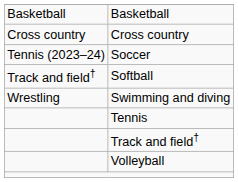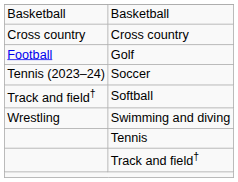 <table class="wikitable">
 <tr>
 </tr>
 <tr>
 <td>Basketball</td>
 <td>Basketball</td>
 </tr>
 <tr>
 <td>Cross country</td>
 <td>Cross country</td>
+</tr>
+<tr>
+<td><a href='#'>Football</a></td>
+<td>Golf</td>
 </tr>
 <tr>
 <td>Tennis (2023–24)</td>
 <td>Soccer</td>
 </tr>
 <tr>
 <td>Track and field<sup>†</sup></td>
 <td>Softball</td>
 </tr>
 <tr>
 <td>Wrestling</td>
 <td>Swimming and diving</td>
 </tr>
 <tr>
 <td></td>
 <td>Tennis</td>
 </tr>
 <tr>
 <td></td>
 <td>Track and field<sup>†</sup></td>
 </tr>
 <tr>
-<td></td>
-<td>Volleyball</td>
-</tr>
-<tr>
 <td colspan="2"></td>
 </tr>
 </table>
